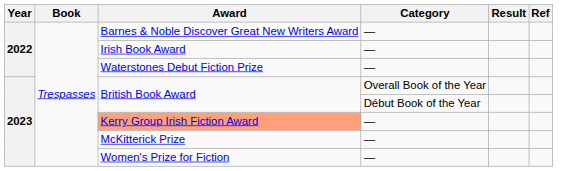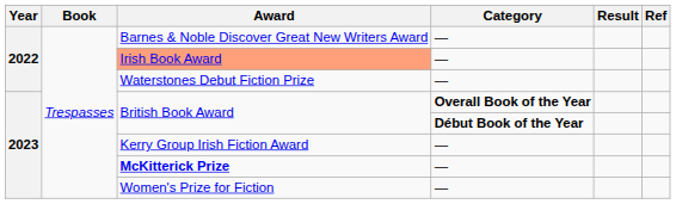 <table class="wikitable sortable">
 <tr>
 <th>Year</th>
 <th>Book</th>
 <th>Award</th>
 <th>Category</th>
 <th>Result</th>
 <th>Ref</th>
 </tr>
 <tr>
 <th rowspan="3">2022</th>
 <td rowspan="8"><em><a href='#'>Trespasses</a></em></td>
 <td><a href='#'>Barnes & Noble Discover Great New Writers Award</a></td>
 <td>—</td>
 <td></td>
 <td></td>
 </tr>
 <tr>
-<td><a href='#'>Irish Book Award</a></td>
+<td style="background: lightsalmon;"><a href='#'>Irish Book Award</a></td>
 <td>—</td>
 <td></td>
 <td></td>
 </tr>
 <tr>
 <td><a href='#'>Waterstones Debut Fiction Prize</a></td>
 <td>—</td>
 <td></td>
 <td></td>
 </tr>
 <tr>
 <th rowspan="5">2023</th>
 <td rowspan="2"><a href='#'>British Book Award</a></td>
-<td>Overall Book of the Year</td>
+<td><strong>Overall Book of the Year</strong></td>
 <td></td>
 <td></td>
 </tr>
 <tr>
-<td>Début Book of the Year</td>
+<td><strong>Début Book of the Year</strong></td>
 <td></td>
 <td></td>
 </tr>
 <tr>
-<td style="background: lightsalmon;"><a href='#'>Kerry Group Irish Fiction Award</a></td>
+<td><a href='#'>Kerry Group Irish Fiction Award</a></td>
 <td>—</td>
 <td></td>
 <td></td>
 </tr>
 <tr>
-<td><a href='#'>McKitterick Prize</a></td>
+<td><strong><a href='#'>McKitterick Prize</a></strong></td>
 <td>—</td>
 <td></td>
 <td></td>
 </tr>
 <tr>
 <td><a href='#'>Women's Prize for Fiction</a></td>
 <td>—</td>
 <td></td>
 <td></td>
 </tr>
 </table>
